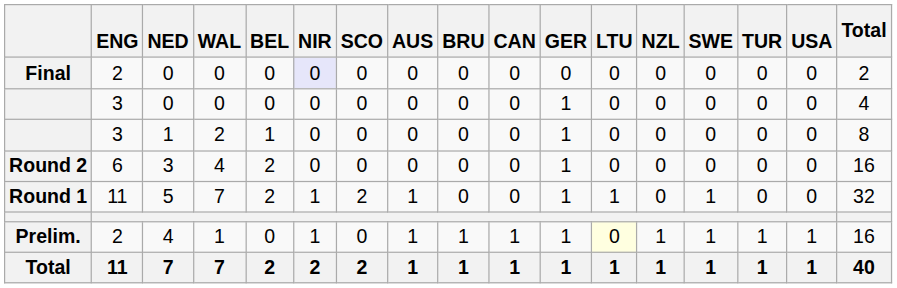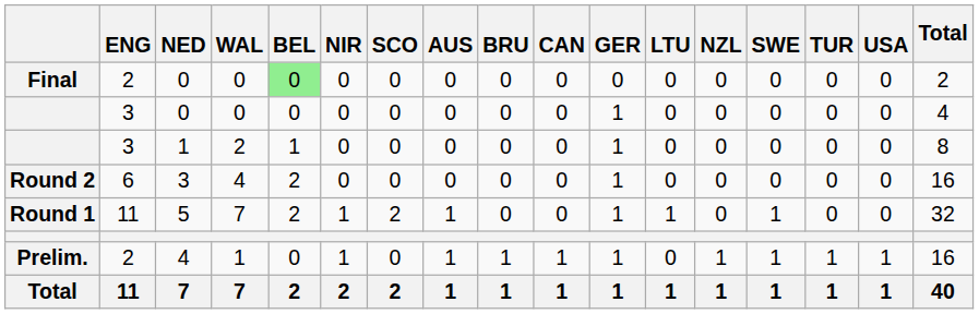 <table class="wikitable">
 <tr>
 <th></th>
 <th> <br>ENG</th>
 <th> <br>NED</th>
 <th> <br>WAL</th>
 <th> <br>BEL</th>
 <th> <br>NIR</th>
 <th> <br>SCO</th>
 <th> <br>AUS</th>
 <th> <br>BRU</th>
 <th> <br>CAN</th>
 <th> <br>GER</th>
 <th> <br>LTU</th>
 <th> <br>NZL</th>
 <th> <br>SWE</th>
 <th> <br>TUR</th>
 <th> <br>USA</th>
 <th>Total</th>
 </tr>
 <tr align="center">
 <th>Final</th>
 <td>2</td>
 <td>0</td>
 <td>0</td>
+<td style="background: lightgreen;">0</td>
 <td>0</td>
-<td style="background: lavender;">0</td>
 <td>0</td>
 <td>0</td>
 <td>0</td>
 <td>0</td>
 <td>0</td>
 <td>0</td>
 <td>0</td>
 <td>0</td>
 <td>0</td>
 <td>0</td>
 <td>2</td>
 </tr>
 <tr align="center">
 <th></th>
 <td>3</td>
 <td>0</td>
 <td>0</td>
 <td>0</td>
 <td>0</td>
 <td>0</td>
 <td>0</td>
 <td>0</td>
 <td>0</td>
 <td>1</td>
 <td>0</td>
 <td>0</td>
 <td>0</td>
 <td>0</td>
 <td>0</td>
 <td>4</td>
 </tr>
 <tr align="center">
 <th></th>
 <td>3</td>
 <td>1</td>
 <td>2</td>
 <td>1</td>
 <td>0</td>
 <td>0</td>
 <td>0</td>
 <td>0</td>
 <td>0</td>
 <td>1</td>
 <td>0</td>
 <td>0</td>
 <td>0</td>
 <td>0</td>
 <td>0</td>
 <td>8</td>
 </tr>
 <tr align="center">
 <th>Round 2</th>
 <td>6</td>
 <td>3</td>
 <td>4</td>
 <td>2</td>
 <td>0</td>
 <td>0</td>
 <td>0</td>
 <td>0</td>
 <td>0</td>
 <td>1</td>
 <td>0</td>
 <td>0</td>
 <td>0</td>
 <td>0</td>
 <td>0</td>
 <td>16</td>
 </tr>
 <tr align="center">
 <th>Round 1</th>
 <td>11</td>
 <td>5</td>
 <td>7</td>
 <td>2</td>
 <td>1</td>
 <td>2</td>
 <td>1</td>
 <td>0</td>
 <td>0</td>
 <td>1</td>
 <td>1</td>
 <td>0</td>
 <td>1</td>
 <td>0</td>
 <td>0</td>
 <td>32</td>
 </tr>
 <tr align="center">
 <th colspan=1></th>
 <th colspan=15></th>
 <th colspan=1></th>
 </tr>
 <tr align="center">
 <th>Prelim.</th>
 <td>2</td>
 <td>4</td>
 <td>1</td>
 <td>0</td>
 <td>1</td>
 <td>0</td>
 <td>1</td>
 <td>1</td>
 <td>1</td>
 <td>1</td>
-<td style="background: lightyellow;">0</td>
+<td>0</td>
 <td>1</td>
 <td>1</td>
 <td>1</td>
 <td>1</td>
 <td>16</td>
 </tr>
 <tr align="center">
 <th>Total</th>
 <th>11</th>
 <th>7</th>
 <th>7</th>
 <th>2</th>
 <th>2</th>
 <th>2</th>
 <th>1</th>
 <th>1</th>
 <th>1</th>
 <th>1</th>
 <th>1</th>
 <th>1</th>
 <th>1</th>
 <th>1</th>
 <th>1</th>
 <th>40</th>
 </tr>
 </table>
